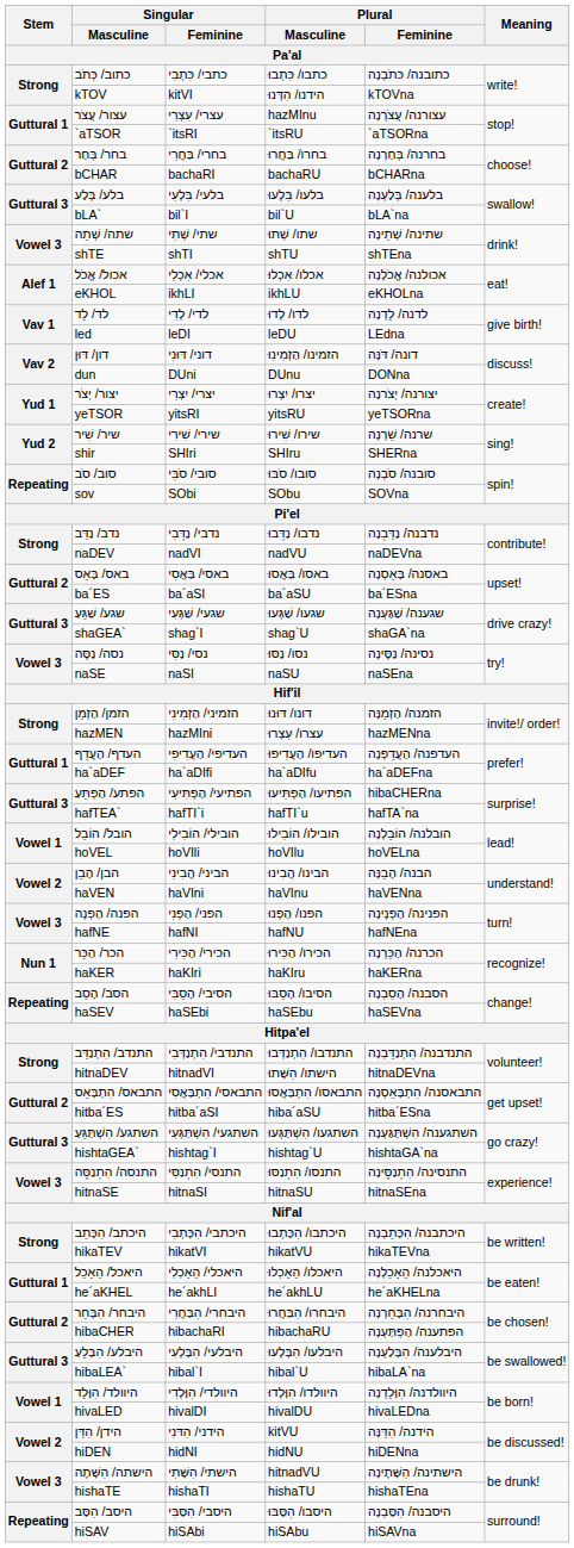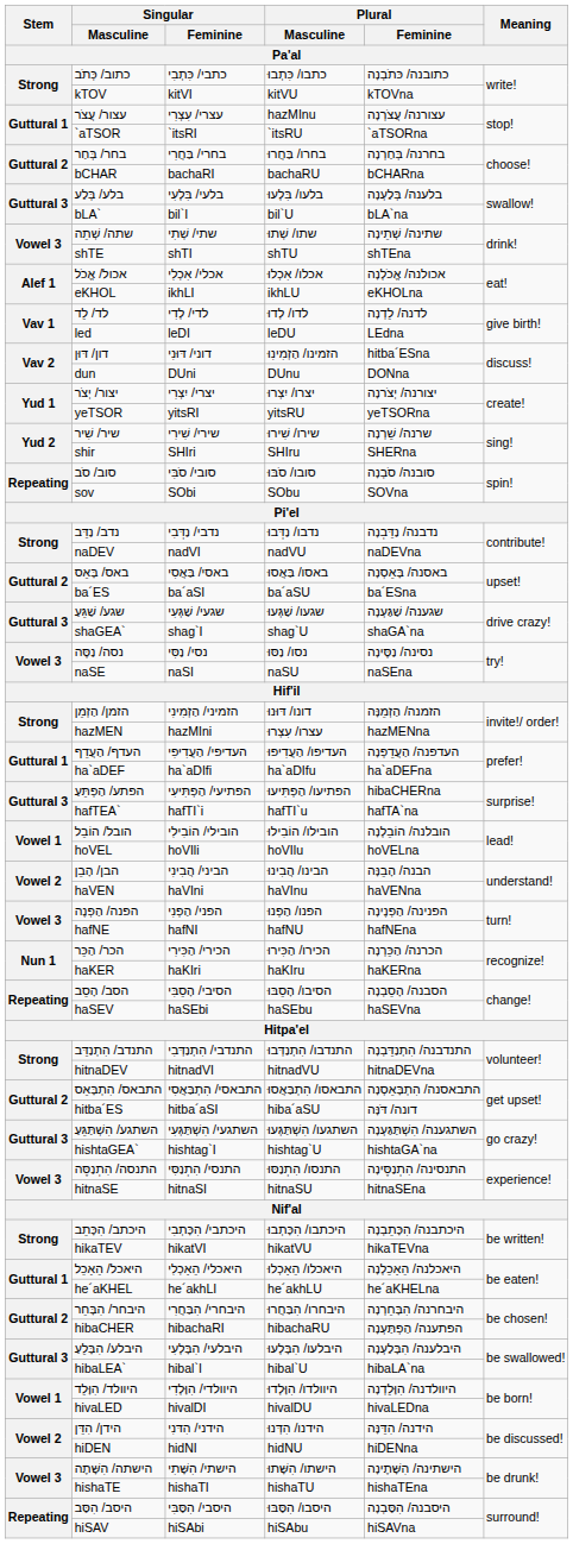 <table class="wikitable mw-collapsible mw-collapsed">
 <tr>
 <th rowspan="2">Stem</th>
 <th colspan="2">Singular</th>
 <th colspan="2">Plural</th>
 <th rowspan="2">Meaning</th>
 </tr>
 <tr>
 <th>Masculine</th>
 <th>Feminine</th>
 <th>Masculine</th>
 <th>Feminine</th>
 </tr>
 <tr>
 <th colspan="6">Pa'al</th>
 </tr>
 <tr>
 <th rowspan="2">Strong</th>
 <td>כתוב/ כְּתֹב</td>
 <td>כתבי/ כִּתְבִי</td>
 <td>כתבו/ כִּתְבוּ</td>
 <td>כתובנה/ כּתֹבְנָה</td>
 <td rowspan="2">write!</td>
 </tr>
 <tr>
 <td>kTOV</td>
 <td>kitVI</td>
-<td>הידנו/ הִדְּנוּ</td>
+<td>kitVU</td>
 <td>kTOVna</td>
 </tr>
 <tr>
 <th rowspan="2">Guttural 1</th>
 <td>עצור/ עֲצֹר</td>
 <td>עצרי/ עִצְרִי</td>
 <td>hazMInu</td>
 <td>עצורנה/ עֲצֹרְנָה</td>
 <td rowspan="2">stop!</td>
 </tr>
 <tr>
 <td>`aTSOR</td>
 <td>`itsRI</td>
 <td>`itsRU</td>
 <td>`aTSORna</td>
 </tr>
 <tr>
 <th rowspan="2">Guttural 2</th>
 <td>בחר/ בְּחַר</td>
 <td>בחרי/ בַּחֲרִי</td>
 <td>בחרו/ בַּחֲרוּ</td>
 <td>בחרנה/ בְּחַרְנָה</td>
 <td rowspan="2">choose!</td>
 </tr>
 <tr>
 <td>bCHAR</td>
 <td>bachaRI</td>
 <td>bachaRU</td>
 <td>bCHARna</td>
 </tr>
 <tr>
 <th rowspan="2">Guttural 3</th>
 <td>בלע/ בְּלַע</td>
 <td>בלעי/ בִּלְעִי</td>
 <td>בלעו/ בִּלְעוּ</td>
 <td>בלענה/ בְּלַעְנָה</td>
 <td rowspan="2">swallow!</td>
 </tr>
 <tr>
 <td>bLA`</td>
 <td>bil`I</td>
 <td>bil`U</td>
 <td>bLA`na</td>
 </tr>
 <tr>
 <th rowspan="2">Vowel 3</th>
 <td>שתה/ שְׁתֵה</td>
 <td>שתי/ שְׁתִי</td>
 <td>שתו/ שְׁתוּ</td>
 <td>שתינה/ שְׁתֵינָה</td>
 <td rowspan="2">drink!</td>
 </tr>
 <tr>
 <td>shTE</td>
 <td>shTI</td>
 <td>shTU</td>
 <td>shTEna</td>
 </tr>
 <tr>
 <th rowspan="2">Alef 1</th>
 <td>אכול/ אֱכֹל</td>
 <td>אכלי/ אִכְלִי</td>
 <td>אכלו/ אִכְלוּ</td>
 <td>אכולנה/ אֱכֹלְנָה</td>
 <td rowspan="2">eat!</td>
 </tr>
 <tr>
 <td>eKHOL</td>
 <td>ikhLI</td>
 <td>ikhLU</td>
 <td>eKHOLna</td>
 </tr>
 <tr>
 <th rowspan="2">Vav 1</th>
 <td>לד/ לֵד</td>
 <td>לדי/ לְדִי</td>
 <td>לדו/ לְדוּ</td>
 <td>לדנה/ לֵדְנָה</td>
 <td rowspan="2">give birth!</td>
 </tr>
 <tr>
 <td>led</td>
 <td>leDI</td>
 <td>leDU</td>
 <td>LEdna</td>
 </tr>
 <tr>
 <th rowspan="2">Vav 2</th>
 <td>דון/ דּוּן</td>
 <td>דוני/ דּוּנִי</td>
 <td>הזמינו/ הַזְמִינִוּ</td>
-<td>דונה/ דֹּנָּה</td>
+<td>hitba´ESna</td>
 <td rowspan="2">discuss!</td>
 </tr>
 <tr>
 <td>dun</td>
 <td>DUni</td>
 <td>DUnu</td>
 <td>DONna</td>
 </tr>
 <tr>
 <th rowspan="2">Yud 1</th>
 <td>יצור/ יְצֹר</td>
 <td>יצרי/ יִצְרִי</td>
 <td>יצרו/ יִצְרוּ‎</td>
 <td>יצורנה/ יְצֹרנָה</td>
 <td rowspan="2">create!</td>
 </tr>
 <tr>
 <td>yeTSOR</td>
 <td>yitsRI</td>
 <td>yitsRU</td>
 <td>yeTSORna</td>
 </tr>
 <tr>
 <th rowspan="2">Yud 2</th>
 <td>שיר/ שִׁיר</td>
 <td>שירי/ שִׁירִי</td>
 <td>שירו/ שִׁירוּ</td>
 <td>שרנה/ שֵׁרְנָה</td>
 <td rowspan="2">sing!</td>
 </tr>
 <tr>
 <td>shir</td>
 <td>SHIri</td>
 <td>SHIru</td>
 <td>SHERna</td>
 </tr>
 <tr>
 <th rowspan="2">Repeating</th>
 <td>סוב/ סֹב</td>
 <td>סובי/ סֹבִּי</td>
 <td>סובו/ סֹבּוּ</td>
 <td>סובנה/ סֹבְנָה</td>
 <td rowspan="2">spin!</td>
 </tr>
 <tr>
 <td>sov</td>
 <td>SObi</td>
 <td>SObu</td>
 <td>SOVna</td>
 </tr>
 <tr>
 <th colspan="6">Pi'el</th>
 </tr>
 <tr>
 <th rowspan="2">Strong</th>
 <td>נדב/ נַדֵּב</td>
 <td>נדבי/ נַדְּבִי</td>
 <td>נדבו/ נַדְּבוּ</td>
 <td>נדבנה/ נַדֵּבְנָה</td>
 <td rowspan="2">contribute!</td>
 </tr>
 <tr>
 <td>naDEV</td>
 <td>nadVI</td>
 <td>nadVU</td>
 <td>naDEVna</td>
 </tr>
 <tr>
 <th rowspan="2">Guttural 2</th>
 <td>באס/ בָּאֵס</td>
 <td>באסי/ בַּאֲסִי</td>
 <td>באסו/ בַּאֲסוּ</td>
 <td>באסנה/ בָּאֵסְנָה</td>
 <td rowspan="2">upset!</td>
 </tr>
 <tr>
 <td>ba´ES</td>
 <td>ba´aSI</td>
 <td>ba´aSU</td>
 <td>ba´ESna</td>
 </tr>
 <tr>
 <th rowspan="2">Guttural 3</th>
 <td>שגע/ שַׁגֵּעַ</td>
 <td>שגעי/ שַׁגְּעִי</td>
 <td>שגעו/ שַׁגְּעוּ</td>
 <td>שגענה/ שַׁגַּעְנָה</td>
 <td rowspan="2">drive crazy!</td>
 </tr>
 <tr>
 <td>shaGEA`</td>
 <td>shag`I</td>
 <td>shag`U</td>
 <td>shaGA`na</td>
 </tr>
 <tr>
 <th rowspan="2">Vowel 3</th>
 <td>נסה/ נַסֶּה</td>
 <td>נסי/ נַסִּי</td>
 <td>נסו/ נַסּוּ</td>
 <td>נסינה/ נַסֶּינָה</td>
 <td rowspan="2">try!</td>
 </tr>
 <tr>
 <td>naSE</td>
 <td>naSI</td>
 <td>naSU</td>
 <td>naSEna</td>
 </tr>
 <tr>
 <th colspan="6">Hif'il</th>
 </tr>
 <tr>
 <th rowspan="2">Strong</th>
 <td>הזמן/ הַזְמֵן</td>
 <td>הזמיני/ הַזְמִינִי</td>
 <td>דונו/ דּוּנוּ</td>
 <td>הזמנה/ הַזְמֵנָּה</td>
 <td rowspan="2">invite!/ order!</td>
 </tr>
 <tr>
 <td>hazMEN</td>
 <td>hazMIni</td>
 <td>עצרו/ עִצְרוּ</td>
 <td>hazMENna</td>
 </tr>
 <tr>
 <th rowspan="2">Guttural 1</th>
 <td>העדף/ הַעֲדֵף</td>
 <td>העדיפי/ הַעֲדִיפִי</td>
 <td>העדיפו/ הַעֲדִיפוּ</td>
 <td>העדפנה/ הַעֲדֵפְנָה</td>
 <td rowspan="2">prefer!</td>
 </tr>
 <tr>
 <td>ha`aDEF</td>
 <td>ha`aDIfi</td>
 <td>ha`aDIfu</td>
 <td>ha`aDEFna</td>
 </tr>
 <tr>
 <th rowspan="2">Guttural 3</th>
 <td>הפתע/ הַפְתֵּעַ</td>
 <td>הפתיעי/ הַפְתִּיעִי</td>
 <td>הפתיעו/ הַפְתִּיעוּ</td>
 <td>hibaCHERna</td>
 <td rowspan="2">surprise!</td>
 </tr>
 <tr>
 <td>hafTEA`</td>
 <td>hafTI`i</td>
 <td>hafTI`u</td>
 <td>hafTA`na</td>
 </tr>
 <tr>
 <th rowspan="2">Vowel 1</th>
 <td>הובל/ הוֹבֵל</td>
 <td>הובילי/ הוֹבִילִי</td>
 <td>הובילו/ הוֹבִילוּ</td>
 <td>הובלנה/ הוֹבֵלְנָה</td>
 <td rowspan="2">lead!</td>
 </tr>
 <tr>
 <td>hoVEL</td>
 <td>hoVIli</td>
 <td>hoVIlu</td>
 <td>hoVELna</td>
 </tr>
 <tr>
 <th rowspan="2">Vowel 2</th>
 <td>הבן/ הָבֵן</td>
 <td>הביני/ הֲבִינִי</td>
 <td>הבינו/ הֲבִינוּ</td>
 <td>הבנה/ הָבֵנָּה</td>
 <td rowspan="2">understand!</td>
 </tr>
 <tr>
 <td>haVEN</td>
 <td>haVIni</td>
 <td>haVInu</td>
 <td>haVENna</td>
 </tr>
 <tr>
 <th rowspan="2">Vowel 3</th>
 <td>הפנה/ הַפְנֶה</td>
 <td>הפני/ הַפְנִי</td>
 <td>הפנו/ הַפְנוּ</td>
 <td>הפנינה/ הַפְנֶינָה</td>
 <td rowspan="2">turn!</td>
 </tr>
 <tr>
 <td>hafNE</td>
 <td>hafNI</td>
 <td>hafNU</td>
 <td>hafNEna</td>
 </tr>
 <tr>
 <th rowspan="2">Nun 1</th>
 <td>הכר/ הַכֵּר</td>
 <td>הכירי/ הַכִּירִי</td>
 <td>הכירו/ הַכִּירוּ</td>
 <td>הכרנה/ הַכֵּרְנָה</td>
 <td rowspan="2">recognize!</td>
 </tr>
 <tr>
 <td>haKER</td>
 <td>haKIri</td>
 <td>haKIru</td>
 <td>haKERna</td>
 </tr>
 <tr>
 <th rowspan="2">Repeating</th>
 <td>הסב/ הָסֵב</td>
 <td>הסיבי/ הָסֵבִּי</td>
 <td>הסיבו/ הָסֵבּוּ</td>
 <td>הסבנה/ הָסֵבְנָה</td>
 <td rowspan="2">change!</td>
 </tr>
 <tr>
 <td>haSEV</td>
 <td>haSEbi</td>
 <td>haSEbu</td>
 <td>haSEVna</td>
 </tr>
 <tr>
 <th colspan="6">Hitpa'el</th>
 </tr>
 <tr>
 <th rowspan="2">Strong</th>
 <td>התנדב/ הִתְנַדֵּב</td>
 <td>התנדבי/ הִתְנַדְּבִי</td>
 <td>התנדבו/ הִתְנַדְּבוּ</td>
 <td>התנדבנה/ הִתְנַדֵּבְנָה</td>
 <td rowspan="2">volunteer!</td>
 </tr>
 <tr>
 <td>hitnaDEV</td>
 <td>hitnadVI</td>
-<td>הישתו/ הִשָּׁתוּ</td>
+<td>hitnadVU</td>
 <td>hitnaDEVna</td>
 </tr>
 <tr>
 <th rowspan="2">Guttural 2</th>
 <td>התבאס/ הִתְבָּאֵס</td>
 <td>התבאסי/ הִתְבַּאֲסִי</td>
 <td>התבאסו/ הִתְבַּאֲסוּ</td>
 <td>התבאסנה/ הִתְבָּאֵסְנָה</td>
 <td rowspan="2">get upset!</td>
 </tr>
 <tr>
 <td>hitba´ES</td>
 <td>hitba´aSI</td>
 <td>hiba´aSU</td>
-<td>hitba´ESna</td>
+<td>דונה/ דֹּנָּה</td>
 </tr>
 <tr>
 <th rowspan="2">Guttural 3</th>
 <td>השתגע/ הִשְׁתַּגֵּעַ</td>
 <td>השתגעי/ הִשְׁתַּגְּעִי</td>
 <td>השתגעו/ הִשְׁתַּגְּעוּ</td>
 <td>השתגענה/ הִשְׁתַּגַּעְנָה</td>
 <td rowspan="2">go crazy!</td>
 </tr>
 <tr>
 <td>hishtaGEA`</td>
 <td>hishtag`I</td>
 <td>hishtag`U</td>
 <td>hishtaGA`na</td>
 </tr>
 <tr>
 <th rowspan="2">Vowel 3</th>
 <td>התנסה/ הִתְנַסֶּה</td>
 <td>התנסי/ הִתְנַסִּי</td>
 <td>התנסו/ הִתְנַסּוּ</td>
 <td>התנסינה/ הִתְנַסֶּינָה</td>
 <td rowspan="2">experience!</td>
 </tr>
 <tr>
 <td>hitnaSE</td>
 <td>hitnaSI</td>
 <td>hitnaSU</td>
 <td>hitnaSEna</td>
 </tr>
 <tr>
 <th colspan="6">Nif'al</th>
 </tr>
 <tr>
 <th rowspan="2">Strong</th>
 <td>היכתב/ הִכָּתֵב</td>
 <td>היכתבי/ הִכָּתְבִי</td>
 <td>היכתבו/ הִכָּתְבוּ</td>
 <td>היכתבנה/ הִכָּתֵבְנָה</td>
 <td rowspan="2">be written!</td>
 </tr>
 <tr>
 <td>hikaTEV</td>
 <td>hikatVI</td>
 <td>hikatVU</td>
 <td>hikaTEVna</td>
 </tr>
 <tr>
 <th rowspan="2">Guttural 1</th>
 <td>היאכל/ הֵאָכֵל</td>
 <td>היאכלי/ הֵאָכְלִי</td>
 <td>היאכלו/ הֵאָכְלוּ</td>
 <td>היאכלנה/ הֵאָכֵלְנָה</td>
 <td rowspan="2">be eaten!</td>
 </tr>
 <tr>
 <td>he´aKHEL</td>
 <td>he´akhLI</td>
 <td>he´akhLU</td>
 <td>he´aKHELna</td>
 </tr>
 <tr>
 <th rowspan="2">Guttural 2</th>
 <td>היבחר/ הִבָּחֵר</td>
 <td>היבחרי/ הִבַּחֲרִי</td>
 <td>היבחרו/ הִבַּחֲרוּ</td>
 <td>היבחרנה/ הִבָּחֵרְנָה</td>
 <td rowspan="2">be chosen!</td>
 </tr>
 <tr>
 <td>hibaCHER</td>
 <td>hibachaRI</td>
 <td>hibachaRU</td>
 <td>הפתענה/ הַפְתַּעְנָה</td>
 </tr>
 <tr>
 <th rowspan="2">Guttural 3</th>
 <td>היבלע/ הִבָּלֵעַ</td>
 <td>היבלעי/ הִבָּלְעִי</td>
 <td>היבלעו/ הִבָּלְעוּ</td>
 <td>היבלענה/ הִבָּלַעְנָה</td>
 <td rowspan="2">be swallowed!</td>
 </tr>
 <tr>
 <td>hibaLEA`</td>
 <td>hibal`I</td>
 <td>hibal`U</td>
 <td>hibaLA`na</td>
 </tr>
 <tr>
 <th rowspan="2">Vowel 1</th>
 <td>היוולד/ הִוָּלֵד</td>
 <td>היוולדי/ הִוָּלְדִי</td>
 <td>היוולדו/ הִוָּלְדוּ</td>
 <td>היוולדנה/ הִוָּלֵדְנָה</td>
 <td rowspan="2">be born!</td>
 </tr>
 <tr>
 <td>hivaLED</td>
 <td>hivalDI</td>
 <td>hivalDU</td>
 <td>hivaLEDna</td>
 </tr>
 <tr>
 <th rowspan="2">Vowel 2</th>
 <td>הידן/ הִדֵּן</td>
 <td>הידני/ הִדּנִי</td>
-<td>kitVU</td>
+<td>הידנו/ הִדְּנוּ</td>
 <td>הידנה/ הִדֵּנָּה</td>
 <td rowspan="2">be discussed!</td>
 </tr>
 <tr>
 <td>hiDEN</td>
 <td>hidNI</td>
 <td>hidNU</td>
 <td>hiDENna</td>
 </tr>
 <tr>
 <th rowspan="2">Vowel 3</th>
 <td>הישתה/ הִשָּׁתֶה</td>
 <td>הישתי/ הִשָּׁתִי</td>
-<td>hitnadVU</td>
+<td>הישתו/ הִשָּׁתוּ</td>
 <td>הישתינה/ הִשָּׁתֶינָה</td>
 <td rowspan="2">be drunk!</td>
 </tr>
 <tr>
 <td>hishaTE</td>
 <td>hishaTI</td>
 <td>hishaTU</td>
 <td>hishaTEna</td>
 </tr>
 <tr>
 <th rowspan="2">Repeating</th>
 <td>היסב/ הִסַּב</td>
 <td>היסבי/ הִסַּבִּי</td>
 <td>היסבו/ הִסַּבּוּ</td>
 <td>היסבנה/ הִסַּבְנָה</td>
 <td rowspan="2">surround!</td>
 </tr>
 <tr>
 <td>hiSAV</td>
 <td>hiSAbi</td>
 <td>hiSAbu</td>
 <td>hiSAVna</td>
 </tr>
 </table>
